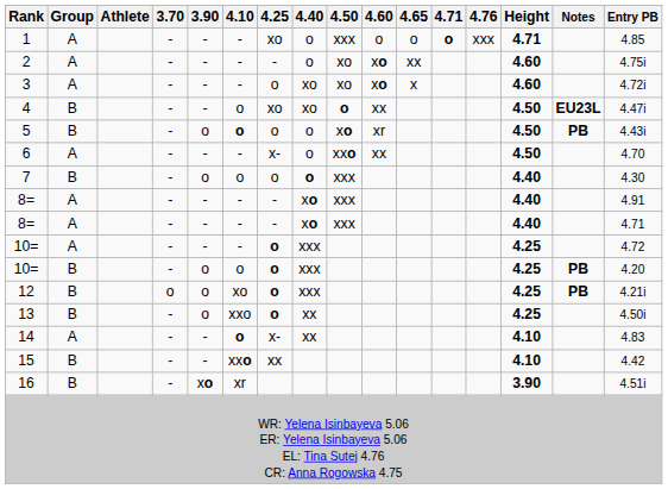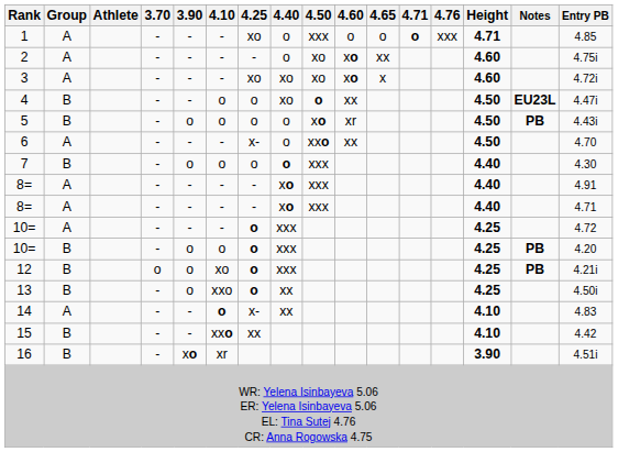 <table class="wikitable sortable" style="text-align:center;">
 <tr>
 <th>Rank</th>
 <th>Group</th>
 <th>Athlete</th>
 <th>3.70</th>
 <th>3.90</th>
 <th>4.10</th>
 <th>4.25</th>
 <th>4.40</th>
 <th>4.50</th>
 <th>4.60</th>
 <th>4.65</th>
 <th>4.71</th>
 <th>4.76</th>
 <th>Height</th>
 <th><small>Notes</small></th>
 <th><small>Entry PB</small></th>
 </tr>
 <tr>
 <td>1</td>
 <td>A</td>
 <td align=left></td>
 <td>-</td>
 <td>-</td>
 <td>-</td>
 <td>xo</td>
 <td>o</td>
 <td>xxx</td>
 <td>o</td>
 <td>o</td>
 <td><strong>o</strong></td>
 <td>xxx</td>
 <td><strong>4.71</strong></td>
 <td></td>
 <td><small>4.85</small></td>
 </tr>
 <tr>
 <td>2</td>
 <td>A</td>
 <td align=left></td>
 <td>-</td>
 <td>-</td>
 <td>-</td>
 <td>-</td>
 <td>o</td>
 <td>xo</td>
 <td>x<strong>o</strong></td>
 <td>xx</td>
 <td></td>
 <td></td>
 <td><strong>4.60</strong></td>
 <td></td>
 <td><small>4.75i</small></td>
 </tr>
 <tr>
 <td>3</td>
 <td>A</td>
 <td align=left></td>
 <td>-</td>
 <td>-</td>
 <td>-</td>
-<td>o</td>
+<td>xo</td>
 <td>xo</td>
 <td>xo</td>
 <td>x<strong>o</strong></td>
 <td>x</td>
 <td></td>
 <td></td>
 <td><strong>4.60</strong></td>
 <td></td>
 <td><small>4.72i</small></td>
 </tr>
 <tr>
 <td>4</td>
 <td>B</td>
 <td align=left></td>
 <td>-</td>
 <td>-</td>
 <td>o</td>
-<td>xo</td>
+<td>o</td>
 <td>xo</td>
 <td><strong>o</strong></td>
 <td>xx</td>
 <td></td>
 <td></td>
 <td></td>
 <td><strong>4.50</strong></td>
 <td><strong>EU23L</strong></td>
 <td><small>4.47i</small></td>
 </tr>
 <tr>
 <td>5</td>
 <td>B</td>
 <td align=left></td>
 <td>-</td>
 <td>o</td>
-<td><strong>o</strong></td>
+<td>o</td>
 <td>o</td>
 <td>o</td>
 <td>x<strong>o</strong></td>
 <td>xr</td>
 <td></td>
 <td></td>
 <td></td>
 <td><strong>4.50</strong></td>
 <td><strong>PB</strong></td>
 <td><small>4.43i</small></td>
 </tr>
 <tr>
 <td>6</td>
 <td>A</td>
 <td align=left></td>
 <td>-</td>
 <td>-</td>
 <td>-</td>
 <td>x-</td>
 <td>o</td>
 <td>xx<strong>o</strong></td>
 <td>xx</td>
 <td></td>
 <td></td>
 <td></td>
 <td><strong>4.50</strong></td>
 <td></td>
 <td><small>4.70</small></td>
 </tr>
 <tr>
 <td>7</td>
 <td>B</td>
 <td align=left></td>
 <td>-</td>
 <td>o</td>
 <td>o</td>
 <td>o</td>
 <td><strong>o</strong></td>
 <td>xxx</td>
 <td></td>
 <td></td>
 <td></td>
 <td></td>
 <td><strong>4.40</strong></td>
 <td></td>
 <td><small>4.30</small></td>
 </tr>
 <tr>
 <td>8=</td>
 <td>A</td>
 <td align=left></td>
 <td>-</td>
 <td>-</td>
 <td>-</td>
 <td>-</td>
 <td>x<strong>o</strong></td>
 <td>xxx</td>
 <td></td>
 <td></td>
 <td></td>
 <td></td>
 <td><strong>4.40</strong></td>
 <td></td>
 <td><small>4.91</small></td>
 </tr>
 <tr>
 <td>8=</td>
 <td>A</td>
 <td align=left></td>
 <td>-</td>
 <td>-</td>
 <td>-</td>
 <td>-</td>
 <td>x<strong>o</strong></td>
 <td>xxx</td>
 <td></td>
 <td></td>
 <td></td>
 <td></td>
 <td><strong>4.40</strong></td>
 <td></td>
 <td><small>4.71</small></td>
 </tr>
 <tr>
 <td>10=</td>
 <td>A</td>
 <td align=left></td>
 <td>-</td>
 <td>-</td>
 <td>-</td>
 <td><strong>o</strong></td>
 <td>xxx</td>
 <td></td>
 <td></td>
 <td></td>
 <td></td>
 <td></td>
 <td><strong>4.25</strong></td>
 <td></td>
 <td><small>4.72</small></td>
 </tr>
 <tr>
 <td>10=</td>
 <td>B</td>
 <td align=left></td>
 <td>-</td>
 <td>o</td>
 <td>o</td>
 <td><strong>o</strong></td>
 <td>xxx</td>
 <td></td>
 <td></td>
 <td></td>
 <td></td>
 <td></td>
 <td><strong>4.25</strong></td>
 <td><strong>PB</strong></td>
 <td><small>4.20</small></td>
 </tr>
 <tr>
 <td>12</td>
 <td>B</td>
 <td align=left></td>
 <td>o</td>
 <td>o</td>
 <td>xo</td>
 <td><strong>o</strong></td>
 <td>xxx</td>
 <td></td>
 <td></td>
 <td></td>
 <td></td>
 <td></td>
 <td><strong>4.25</strong></td>
 <td><strong>PB</strong></td>
 <td><small>4.21i</small></td>
 </tr>
 <tr>
 <td>13</td>
 <td>B</td>
 <td align=left></td>
 <td>-</td>
 <td>o</td>
 <td>xxo</td>
 <td><strong>o</strong></td>
 <td>xx</td>
 <td></td>
 <td></td>
 <td></td>
 <td></td>
 <td></td>
 <td><strong>4.25</strong></td>
 <td></td>
 <td><small>4.50i</small></td>
 </tr>
 <tr>
 <td>14</td>
 <td>A</td>
 <td align=left></td>
 <td>-</td>
 <td>-</td>
 <td><strong>o</strong></td>
 <td>x-</td>
 <td>xx</td>
 <td></td>
 <td></td>
 <td></td>
 <td></td>
 <td></td>
 <td><strong>4.10</strong></td>
 <td></td>
 <td><small>4.83</small></td>
 </tr>
 <tr>
 <td>15</td>
 <td>B</td>
 <td align=left></td>
 <td>-</td>
 <td>-</td>
 <td>xx<strong>o</strong></td>
 <td>xx</td>
 <td></td>
 <td></td>
 <td></td>
 <td></td>
 <td></td>
 <td></td>
 <td><strong>4.10</strong></td>
 <td></td>
 <td><small>4.42</small></td>
 </tr>
 <tr>
 <td>16</td>
 <td>B</td>
 <td align=left></td>
 <td>-</td>
 <td>x<strong>o</strong></td>
 <td>xr</td>
 <td></td>
 <td></td>
 <td></td>
 <td></td>
 <td></td>
 <td></td>
 <td></td>
 <td><strong>3.90</strong></td>
 <td></td>
 <td><small>4.51i</small></td>
 </tr>
 <tr class="sortbottom">
 <td colspan="16" bgcolor="#cccccc"><br> <small>WR:   <a href='#'>Yelena Isinbayeva</a> 5.06<br>ER:  <a href='#'>Yelena Isinbayeva</a> 5.06<br></small> <small>EL:   <a href='#'>Tina Sutej</a> 4.76<br>CR:  <a href='#'>Anna Rogowska</a> 4.75</small></td>
 </tr>
 </table>
